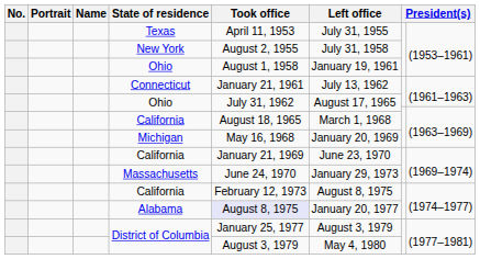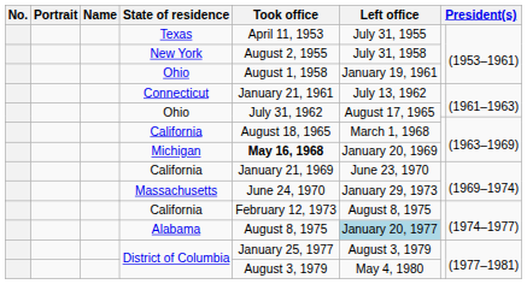 <table class="wikitable sortable" style="text-align:center">
 <tr>
 <th>No.</th>
 <th class=unsortable>Portrait</th>
 <th>Name</th>
 <th>State of residence</th>
 <th>Took office</th>
 <th>Left office</th>
 <th colspan=2><a href='#'>President(s)</a></th>
 </tr>
 <tr>
 <th style="background: "></th>
 <td></td>
 <td></td>
 <td rowspan=1><a href='#'>Texas</a></td>
 <td>April 11, 1953</td>
 <td>July 31, 1955</td>
 <td rowspan=3 style="background: "></td>
 <td rowspan=3><br>(1953–1961)</td>
 </tr>
 <tr>
 <th style="background: "></th>
 <td></td>
 <td></td>
 <td><a href='#'>New York</a></td>
 <td>August 2, 1955</td>
 <td>July 31, 1958</td>
 </tr>
 <tr>
 <th style="background: "></th>
 <td></td>
 <td></td>
 <td><a href='#'>Ohio</a></td>
 <td>August 1, 1958</td>
 <td>January 19, 1961</td>
 </tr>
 <tr>
 <th style="background: "></th>
 <td></td>
 <td></td>
 <td><a href='#'>Connecticut</a></td>
 <td>January 21, 1961</td>
 <td>July 13, 1962</td>
 <td rowspan=2 style="background: "></td>
 <td rowspan=2><br>(1961–1963)</td>
 </tr>
 <tr>
 <th rowspan=2 style="background: "></th>
 <td rowspan=2></td>
 <td rowspan="2;" nowrap=""></td>
 <td rowspan=2>Ohio</td>
 <td rowspan=2>July 31, 1962</td>
 <td rowspan=2>August 17, 1965</td>
 </tr>
 <tr>
 <td rowspan=3 style="background: "></td>
 <td rowspan=3><br>(1963–1969)</td>
 </tr>
 <tr>
 <th style="background: "></th>
 <td></td>
 <td></td>
 <td><a href='#'>California</a></td>
 <td>August 18, 1965</td>
 <td>March 1, 1968</td>
 </tr>
 <tr>
 <th style="background: "></th>
 <td></td>
 <td></td>
 <td><a href='#'>Michigan</a></td>
-<td>May 16, 1968</td>
+<td><strong>May 16, 1968</strong></td>
 <td>January 20, 1969</td>
 </tr>
 <tr>
 <th style="background: "></th>
 <td></td>
 <td></td>
 <td>California</td>
 <td>January 21, 1969</td>
 <td>June 23, 1970</td>
 <td rowspan=3 style="background: "></td>
 <td rowspan=3><br>(1969–1974)</td>
 </tr>
 <tr>
 <th style="background: "></th>
 <td></td>
 <td></td>
 <td><a href='#'>Massachusetts</a></td>
 <td>June 24, 1970</td>
 <td>January 29, 1973</td>
 </tr>
 <tr>
 <th rowspan=2 style="background: "></th>
 <td rowspan=2></td>
 <td rowspan=2></td>
 <td rowspan=2>California</td>
 <td rowspan=2>February 12, 1973</td>
 <td rowspan=2>August 8, 1975</td>
 </tr>
 <tr>
 <td rowspan=2 style="background: "></td>
 <td rowspan=2><br>(1974–1977)</td>
 </tr>
 <tr>
 <th style="background: "></th>
 <td></td>
 <td></td>
 <td><a href='#'>Alabama</a></td>
-<td style="background: lavender;">August 8, 1975</td>
-<td>January 20, 1977</td>
+<td>August 8, 1975</td>
+<td style="background: lightblue;">January 20, 1977</td>
 </tr>
 <tr>
 <th style="background: "></th>
 <td></td>
 <td></td>
 <td rowspan=2><a href='#'>District of Columbia</a></td>
 <td>January 25, 1977</td>
 <td>August 3, 1979</td>
 <td rowspan=2 style="background: "></td>
 <td rowspan=2><br>(1977–1981)</td>
 </tr>
 <tr>
 <th style="background: "></th>
 <td></td>
 <td></td>
 <td>August 3, 1979</td>
 <td>May 4, 1980</td>
 </tr>
 </table>
